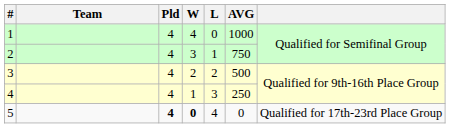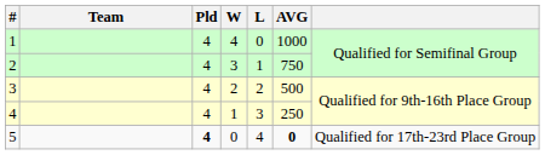 <table class="wikitable" style="text-align:center;">
 <tr>
 <th>#</th>
 <th width=175>Team</th>
 <th width=20 abbr="Played">Pld</th>
 <th width=20 abbr="Won">W</th>
 <th width=20 abbr="Lost">L</th>
 <th width=30 abbr="Average">AVG</th>
 <th></th>
 </tr>
 <tr style="background:#ccffcc">
 <td>1</td>
 <td align=left></td>
 <td>4</td>
 <td>4</td>
 <td>0</td>
 <td>1000</td>
 <td rowspan="2">Qualified for Semifinal Group</td>
 </tr>
 <tr style="background:#ccffcc">
 <td>2</td>
 <td align=left></td>
 <td>4</td>
 <td>3</td>
 <td>1</td>
 <td>750</td>
 </tr>
 <tr style="background:#ffffd0">
 <td>3</td>
 <td align=left></td>
 <td>4</td>
 <td>2</td>
 <td>2</td>
 <td>500</td>
 <td rowspan="2">Qualified for 9th-16th Place Group</td>
 </tr>
 <tr style="background:#ffffd0">
 <td>4</td>
 <td align=left></td>
 <td>4</td>
 <td>1</td>
 <td>3</td>
 <td>250</td>
 </tr>
 <tr>
 <td>5</td>
 <td align=left></td>
 <td><strong>4</strong></td>
+<td>0</td>
+<td>4</td>
 <td><strong>0</strong></td>
-<td>4</td>
-<td>0</td>
 <td>Qualified for 17th-23rd Place Group</td>
 </tr>
 </table>
